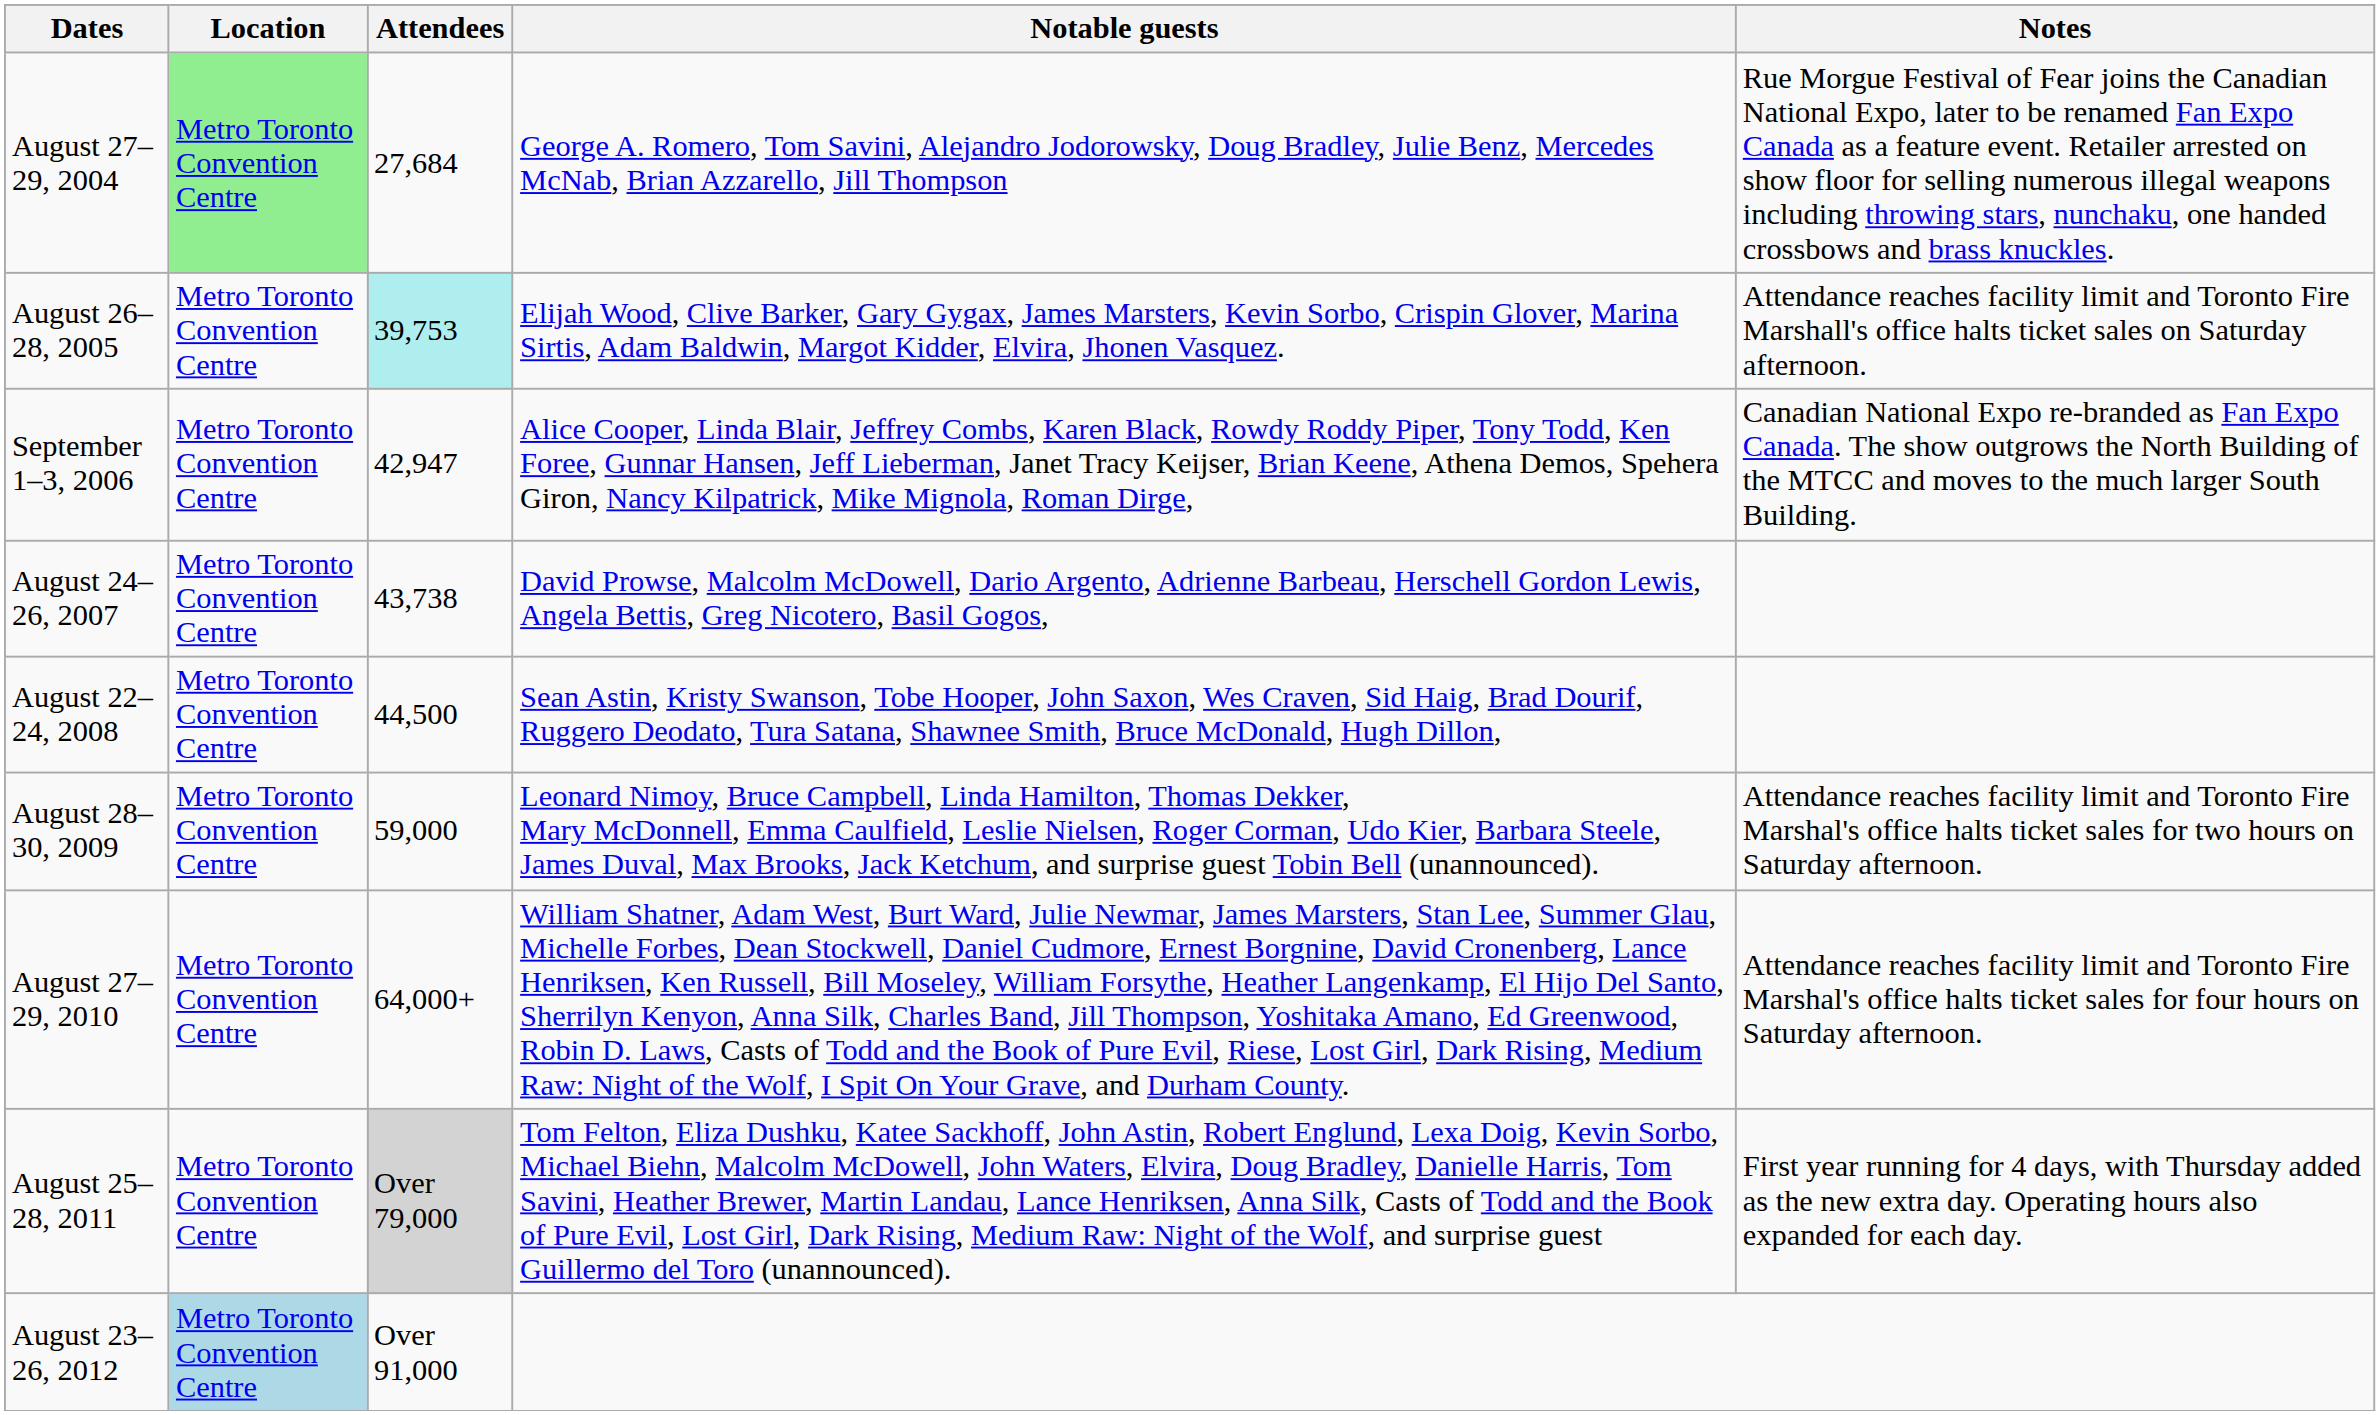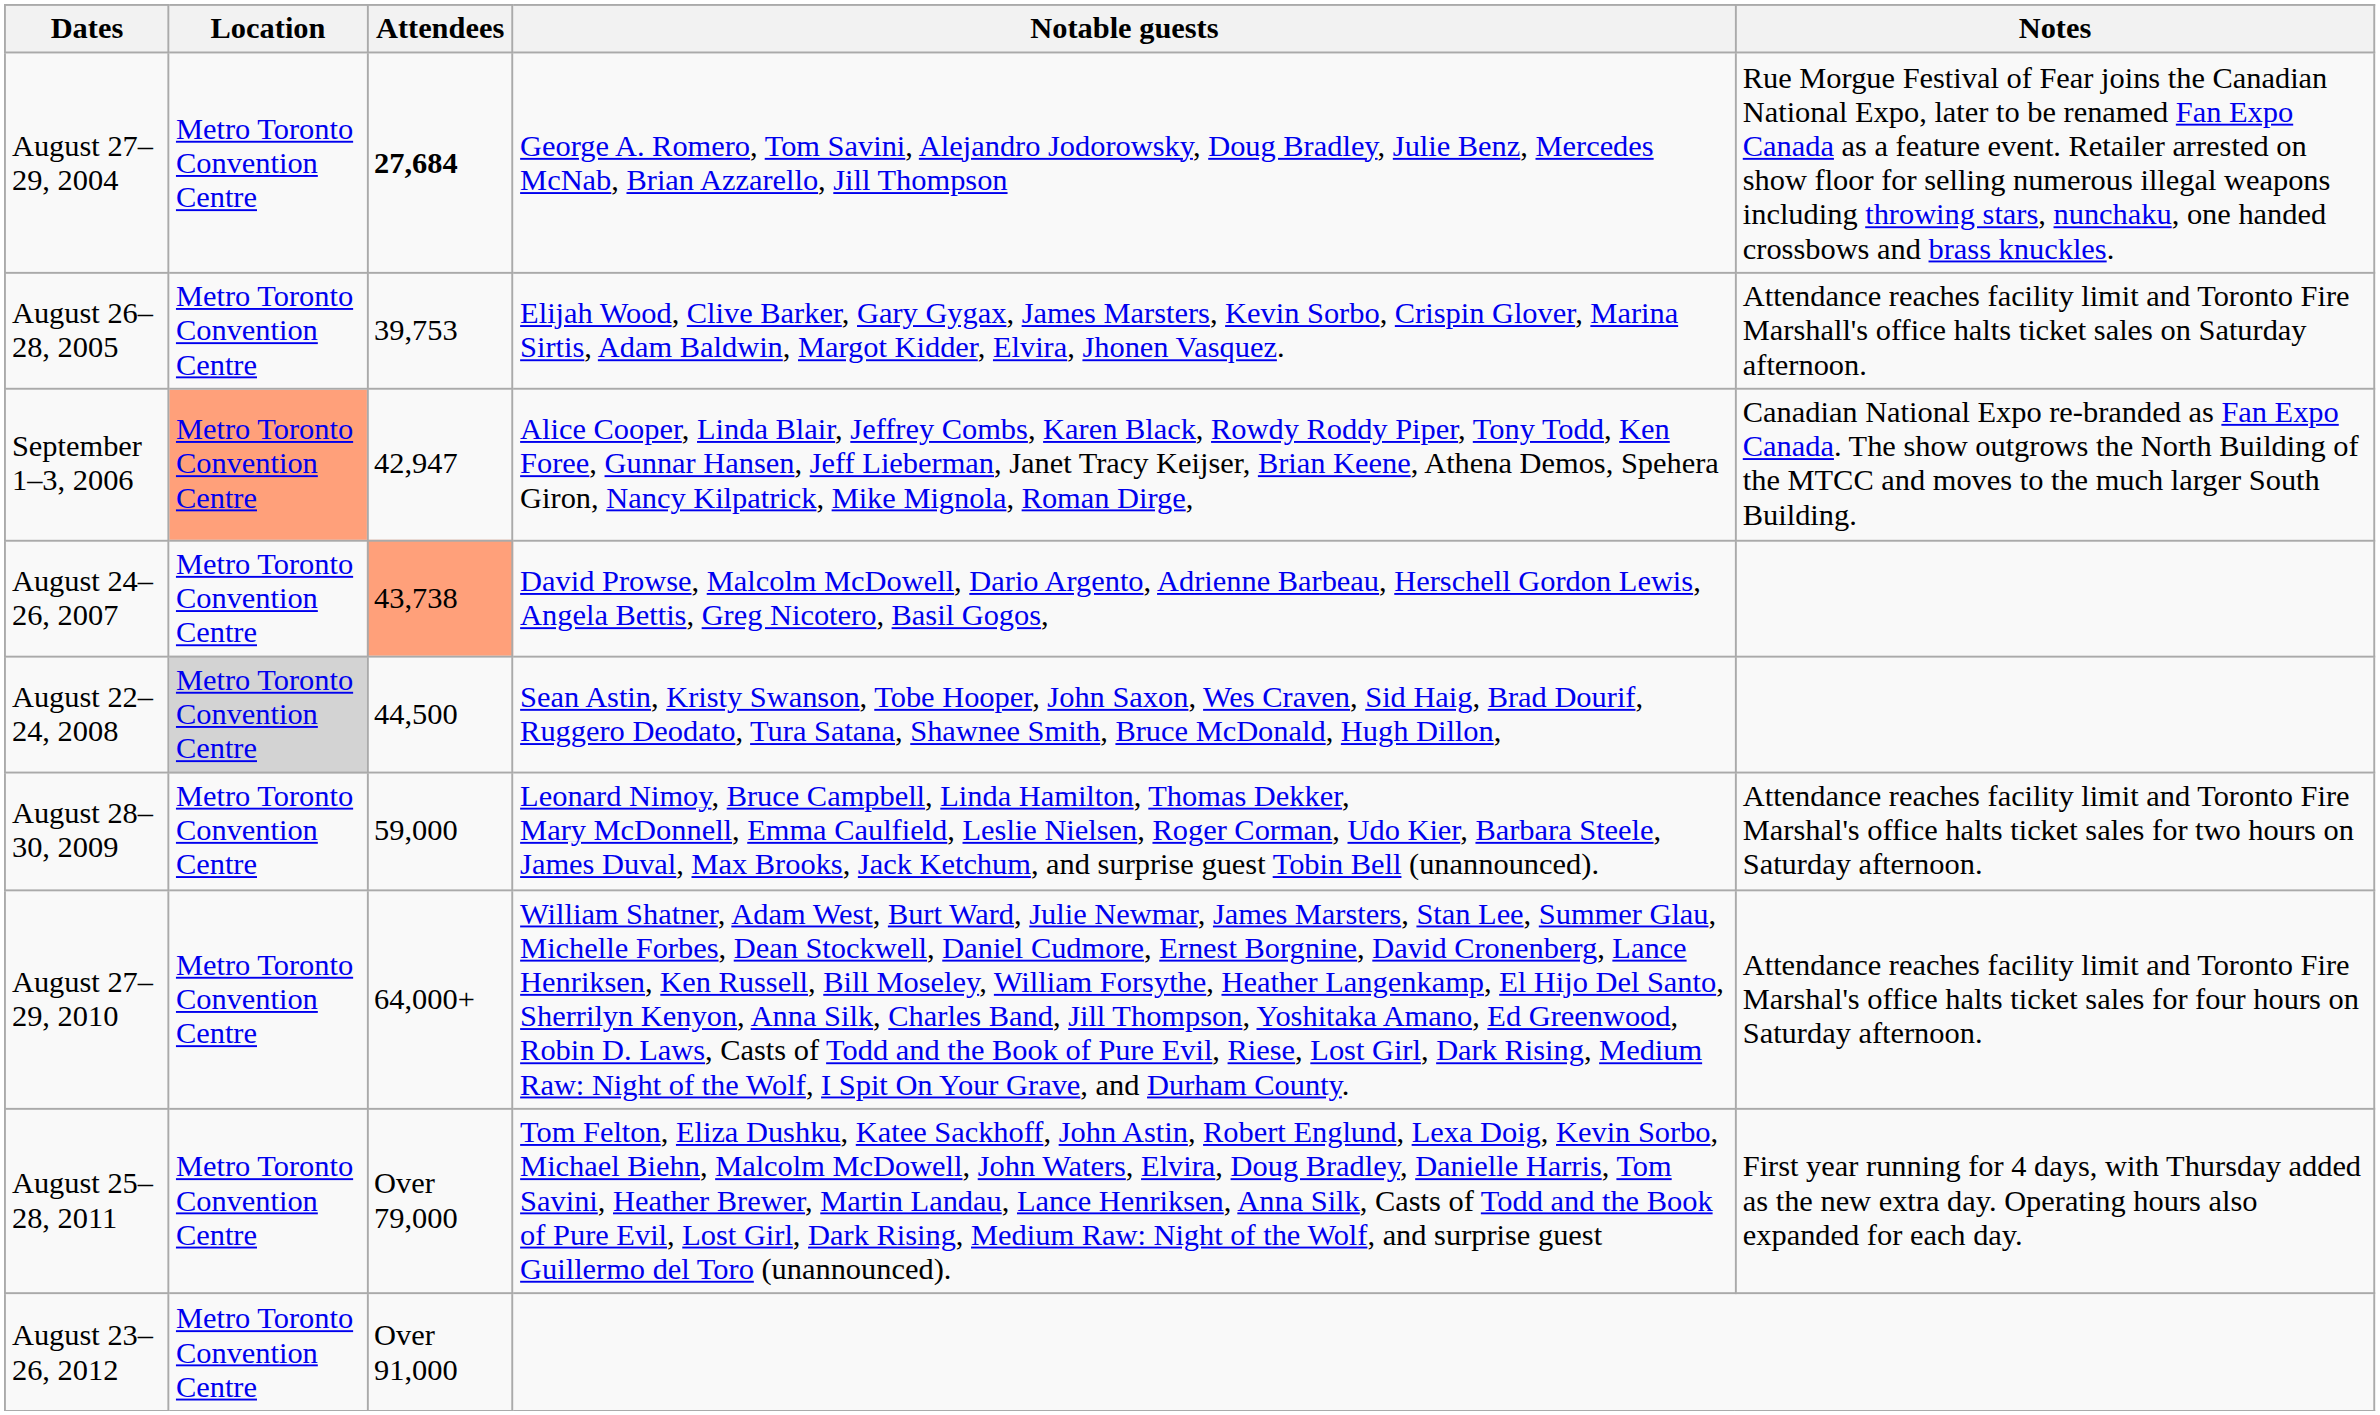 <table class="wikitable">
 <tr>
 <th>Dates</th>
 <th>Location</th>
 <th>Attendees</th>
 <th>Notable guests</th>
 <th>Notes</th>
 </tr>
 <tr>
 <td>August 27–29, 2004</td>
-<td style="background: lightgreen;"><a href='#'>Metro Toronto Convention Centre</a></td>
-<td>27,684</td>
+<td><a href='#'>Metro Toronto Convention Centre</a></td>
+<td><strong>27,684</strong></td>
 <td><a href='#'>George A. Romero</a>, <a href='#'>Tom Savini</a>, <a href='#'>Alejandro Jodorowsky</a>, <a href='#'>Doug Bradley</a>, <a href='#'>Julie Benz</a>, <a href='#'>Mercedes McNab</a>, <a href='#'>Brian Azzarello</a>, <a href='#'>Jill Thompson</a></td>
 <td>Rue Morgue Festival of Fear joins the Canadian National Expo, later to be renamed <a href='#'>Fan Expo Canada</a> as a feature event. Retailer arrested on show floor for selling numerous illegal weapons including <a href='#'>throwing stars</a>, <a href='#'>nunchaku</a>, one handed crossbows and <a href='#'>brass knuckles</a>.</td>
 </tr>
 <tr>
 <td>August 26–28, 2005</td>
 <td><a href='#'>Metro Toronto Convention Centre</a></td>
-<td style="background: paleturquoise;">39,753</td>
+<td>39,753</td>
 <td><a href='#'>Elijah Wood</a>, <a href='#'>Clive Barker</a>, <a href='#'>Gary Gygax</a>, <a href='#'>James Marsters</a>, <a href='#'>Kevin Sorbo</a>, <a href='#'>Crispin Glover</a>, <a href='#'>Marina Sirtis</a>, <a href='#'>Adam Baldwin</a>, <a href='#'>Margot Kidder</a>, <a href='#'>Elvira</a>, <a href='#'>Jhonen Vasquez</a>.</td>
 <td>Attendance reaches facility limit and Toronto Fire Marshall's office halts ticket sales on Saturday afternoon.</td>
 </tr>
 <tr>
 <td>September 1–3, 2006</td>
-<td><a href='#'>Metro Toronto Convention Centre</a></td>
+<td style="background: lightsalmon;"><a href='#'>Metro Toronto Convention Centre</a></td>
 <td>42,947</td>
 <td><a href='#'>Alice Cooper</a>, <a href='#'>Linda Blair</a>, <a href='#'>Jeffrey Combs</a>, <a href='#'>Karen Black</a>, <a href='#'>Rowdy Roddy Piper</a>, <a href='#'>Tony Todd</a>, <a href='#'>Ken Foree</a>, <a href='#'>Gunnar Hansen</a>, <a href='#'>Jeff Lieberman</a>,  Janet Tracy Keijser, <a href='#'>Brian Keene</a>, Athena Demos, Spehera Giron, <a href='#'>Nancy Kilpatrick</a>,  <a href='#'>Mike Mignola</a>, <a href='#'>Roman Dirge</a>,</td>
 <td>Canadian National Expo re-branded as <a href='#'>Fan Expo Canada</a>. The show outgrows the North Building of the MTCC and moves to the much larger South Building.</td>
 </tr>
 <tr>
 <td>August 24–26, 2007</td>
 <td><a href='#'>Metro Toronto Convention Centre</a></td>
-<td>43,738</td>
+<td style="background: lightsalmon;">43,738</td>
 <td><a href='#'>David Prowse</a>, <a href='#'>Malcolm McDowell</a>, <a href='#'>Dario Argento</a>, <a href='#'>Adrienne Barbeau</a>, <a href='#'>Herschell Gordon Lewis</a>, <a href='#'>Angela Bettis</a>, <a href='#'>Greg Nicotero</a>, <a href='#'>Basil Gogos</a>,</td>
 <td></td>
 </tr>
 <tr>
 <td>August 22–24, 2008</td>
-<td><a href='#'>Metro Toronto Convention Centre</a></td>
+<td style="background: lightgrey;"><a href='#'>Metro Toronto Convention Centre</a></td>
 <td>44,500</td>
 <td><a href='#'>Sean Astin</a>, <a href='#'>Kristy Swanson</a>, <a href='#'>Tobe Hooper</a>, <a href='#'>John Saxon</a>, <a href='#'>Wes Craven</a>, <a href='#'>Sid Haig</a>, <a href='#'>Brad Dourif</a>, <a href='#'>Ruggero Deodato</a>, <a href='#'>Tura Satana</a>, <a href='#'>Shawnee Smith</a>, <a href='#'>Bruce McDonald</a>, <a href='#'>Hugh Dillon</a>,</td>
 <td></td>
 </tr>
 <tr>
 <td>August 28–30, 2009</td>
 <td><a href='#'>Metro Toronto Convention Centre</a></td>
 <td>59,000</td>
 <td><a href='#'>Leonard Nimoy</a>, <a href='#'>Bruce Campbell</a>, <a href='#'>Linda Hamilton</a>, <a href='#'>Thomas Dekker</a>,<br><a href='#'>Mary McDonnell</a>,  <a href='#'>Emma Caulfield</a>, <a href='#'>Leslie Nielsen</a>, <a href='#'>Roger Corman</a>, <a href='#'>Udo Kier</a>, <a href='#'>Barbara Steele</a>, <a href='#'>James Duval</a>, <a href='#'>Max Brooks</a>, <a href='#'>Jack Ketchum</a>, and surprise guest <a href='#'>Tobin Bell</a> (unannounced).</td>
 <td>Attendance reaches facility limit and Toronto Fire Marshal's office halts ticket sales for two hours on Saturday afternoon.</td>
 </tr>
 <tr>
 <td>August 27–29, 2010</td>
 <td><a href='#'>Metro Toronto Convention Centre</a></td>
 <td>64,000+</td>
 <td><a href='#'>William Shatner</a>, <a href='#'>Adam West</a>, <a href='#'>Burt Ward</a>, <a href='#'>Julie Newmar</a>, <a href='#'>James Marsters</a>, <a href='#'>Stan Lee</a>, <a href='#'>Summer Glau</a>, <a href='#'>Michelle Forbes</a>, <a href='#'>Dean Stockwell</a>, <a href='#'>Daniel Cudmore</a>, <a href='#'>Ernest Borgnine</a>, <a href='#'>David Cronenberg</a>, <a href='#'>Lance Henriksen</a>, <a href='#'>Ken Russell</a>, <a href='#'>Bill Moseley</a>, <a href='#'>William Forsythe</a>, <a href='#'>Heather Langenkamp</a>, <a href='#'>El Hijo Del Santo</a>, <a href='#'>Sherrilyn Kenyon</a>, <a href='#'>Anna Silk</a>, <a href='#'>Charles Band</a>, <a href='#'>Jill Thompson</a>,  <a href='#'>Yoshitaka Amano</a>, <a href='#'>Ed Greenwood</a>, <a href='#'>Robin D. Laws</a>, Casts of <a href='#'>Todd and the Book of Pure Evil</a>, <a href='#'>Riese</a>, <a href='#'>Lost Girl</a>, <a href='#'>Dark Rising</a>, <a href='#'>Medium Raw: Night of the Wolf</a>, <a href='#'>I Spit On Your Grave</a>, and <a href='#'>Durham County</a>.</td>
 <td>Attendance reaches facility limit and Toronto Fire Marshal's office halts ticket sales for four hours on Saturday afternoon.</td>
 </tr>
 <tr>
 <td>August 25–28, 2011</td>
 <td><a href='#'>Metro Toronto Convention Centre</a></td>
-<td style="background: lightgrey;">Over 79,000</td>
+<td>Over 79,000</td>
 <td><a href='#'>Tom Felton</a>, <a href='#'>Eliza Dushku</a>, <a href='#'>Katee Sackhoff</a>, <a href='#'>John Astin</a>, <a href='#'>Robert Englund</a>, <a href='#'>Lexa Doig</a>, <a href='#'>Kevin Sorbo</a>, <a href='#'>Michael Biehn</a>, <a href='#'>Malcolm McDowell</a>, <a href='#'>John Waters</a>, <a href='#'>Elvira</a>, <a href='#'>Doug Bradley</a>, <a href='#'>Danielle Harris</a>, <a href='#'>Tom Savini</a>, <a href='#'>Heather Brewer</a>, <a href='#'>Martin Landau</a>, <a href='#'>Lance Henriksen</a>,  <a href='#'>Anna Silk</a>, Casts of <a href='#'>Todd and the Book of Pure Evil</a>, <a href='#'>Lost Girl</a>, <a href='#'>Dark Rising</a>, <a href='#'>Medium Raw: Night of the Wolf</a>, and surprise guest <a href='#'>Guillermo del Toro</a> (unannounced).</td>
 <td>First year running for 4 days, with Thursday added as the new extra day. Operating hours also expanded for each day.</td>
 </tr>
 <tr>
 <td>August 23–26, 2012</td>
-<td style="background: lightblue;"><a href='#'>Metro Toronto Convention Centre</a></td>
+<td><a href='#'>Metro Toronto Convention Centre</a></td>
 <td>Over 91,000</td>
 </tr>
 </table>
